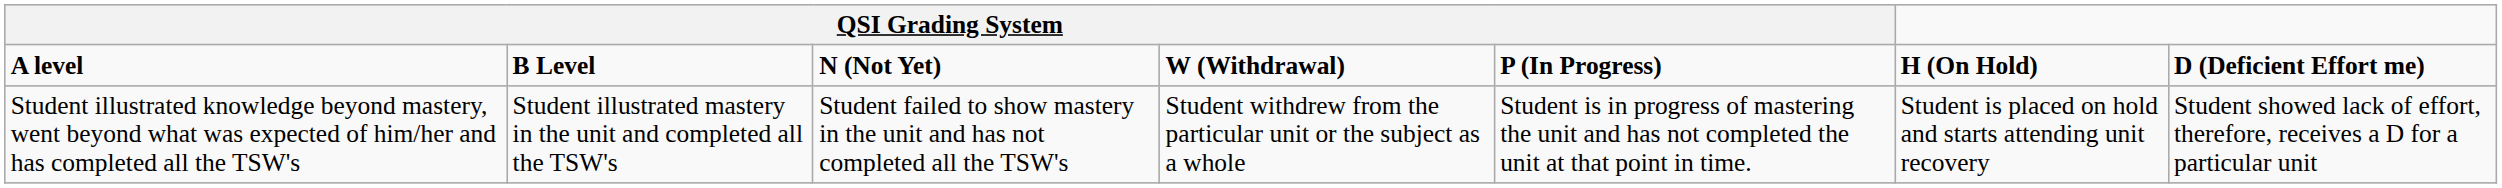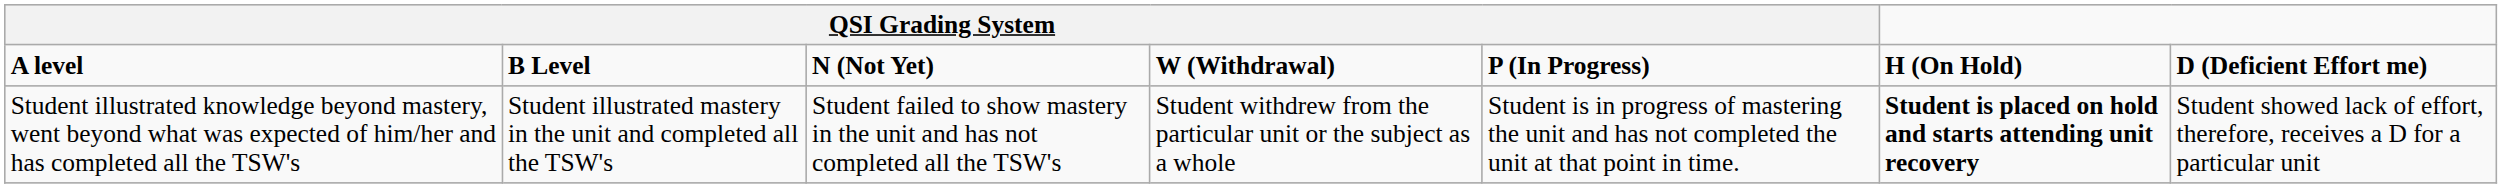 <table class="wikitable">
 <tr>
 <th colspan="5"><u>QSI Grading System</u></th>
 </tr>
 <tr>
 <td><strong>A level</strong></td>
 <td><strong>B Level</strong></td>
 <td><strong>N (Not Yet)</strong></td>
 <td><strong>W (Withdrawal)</strong></td>
 <td><strong>P (In Progress)</strong></td>
 <td><strong>H (On Hold)</strong></td>
 <td><strong>D (Deficient Effort me)</strong></td>
 </tr>
 <tr>
 <td>Student illustrated knowledge beyond mastery, went beyond what was expected of him/her and has completed all the TSW's</td>
 <td>Student illustrated mastery in the unit and completed all the TSW's</td>
 <td>Student failed to show mastery in the unit and has not completed all the TSW's</td>
 <td>Student withdrew from the particular unit or the subject as a whole</td>
 <td>Student is in progress of mastering the unit and has not completed the unit at that point in time.</td>
-<td>Student is placed on hold and starts attending unit recovery</td>
+<td><strong>Student is placed on hold and starts attending unit recovery</strong></td>
 <td>Student showed lack of effort, therefore, receives a D for a particular unit</td>
 </tr>
 </table>
